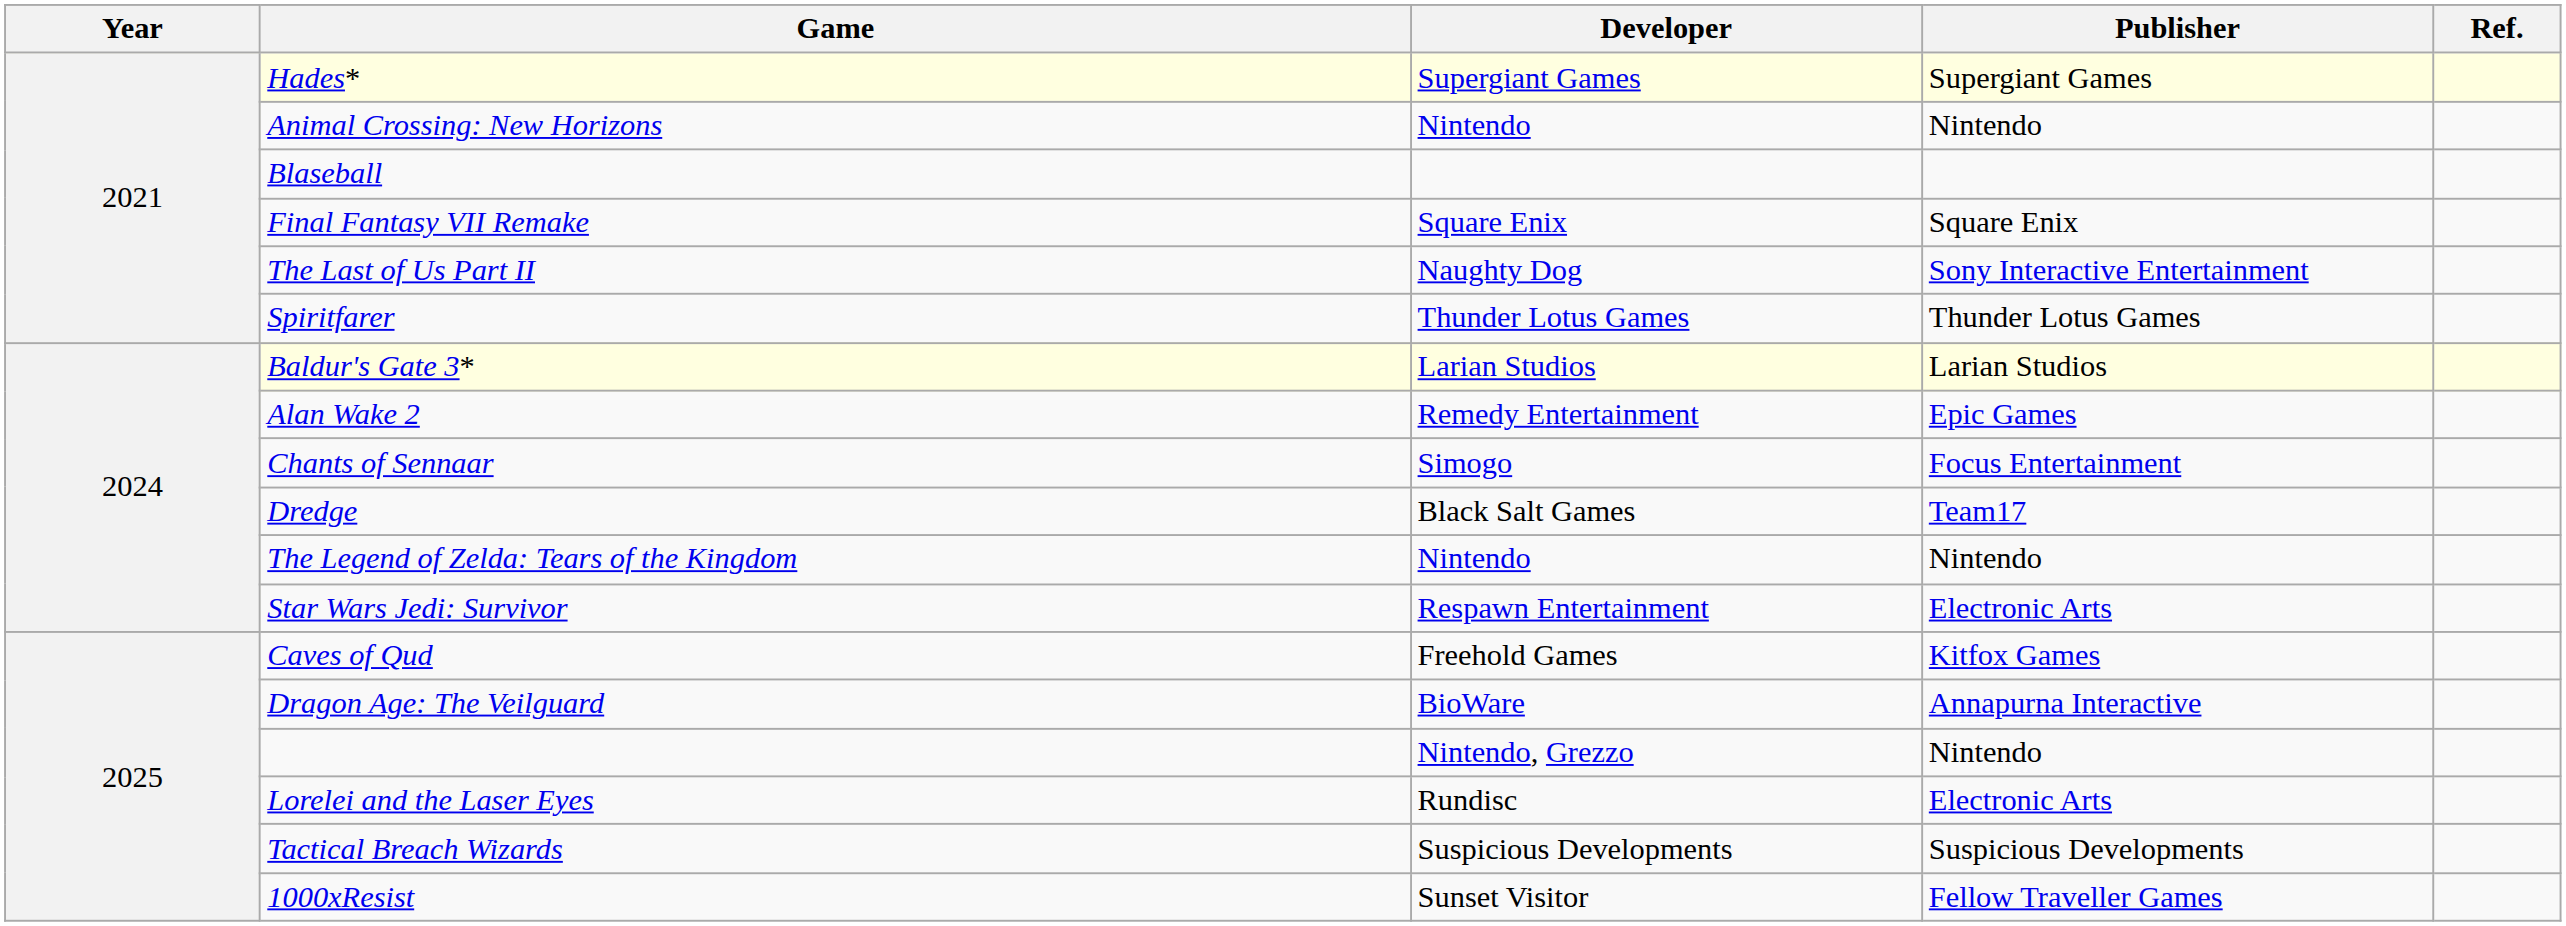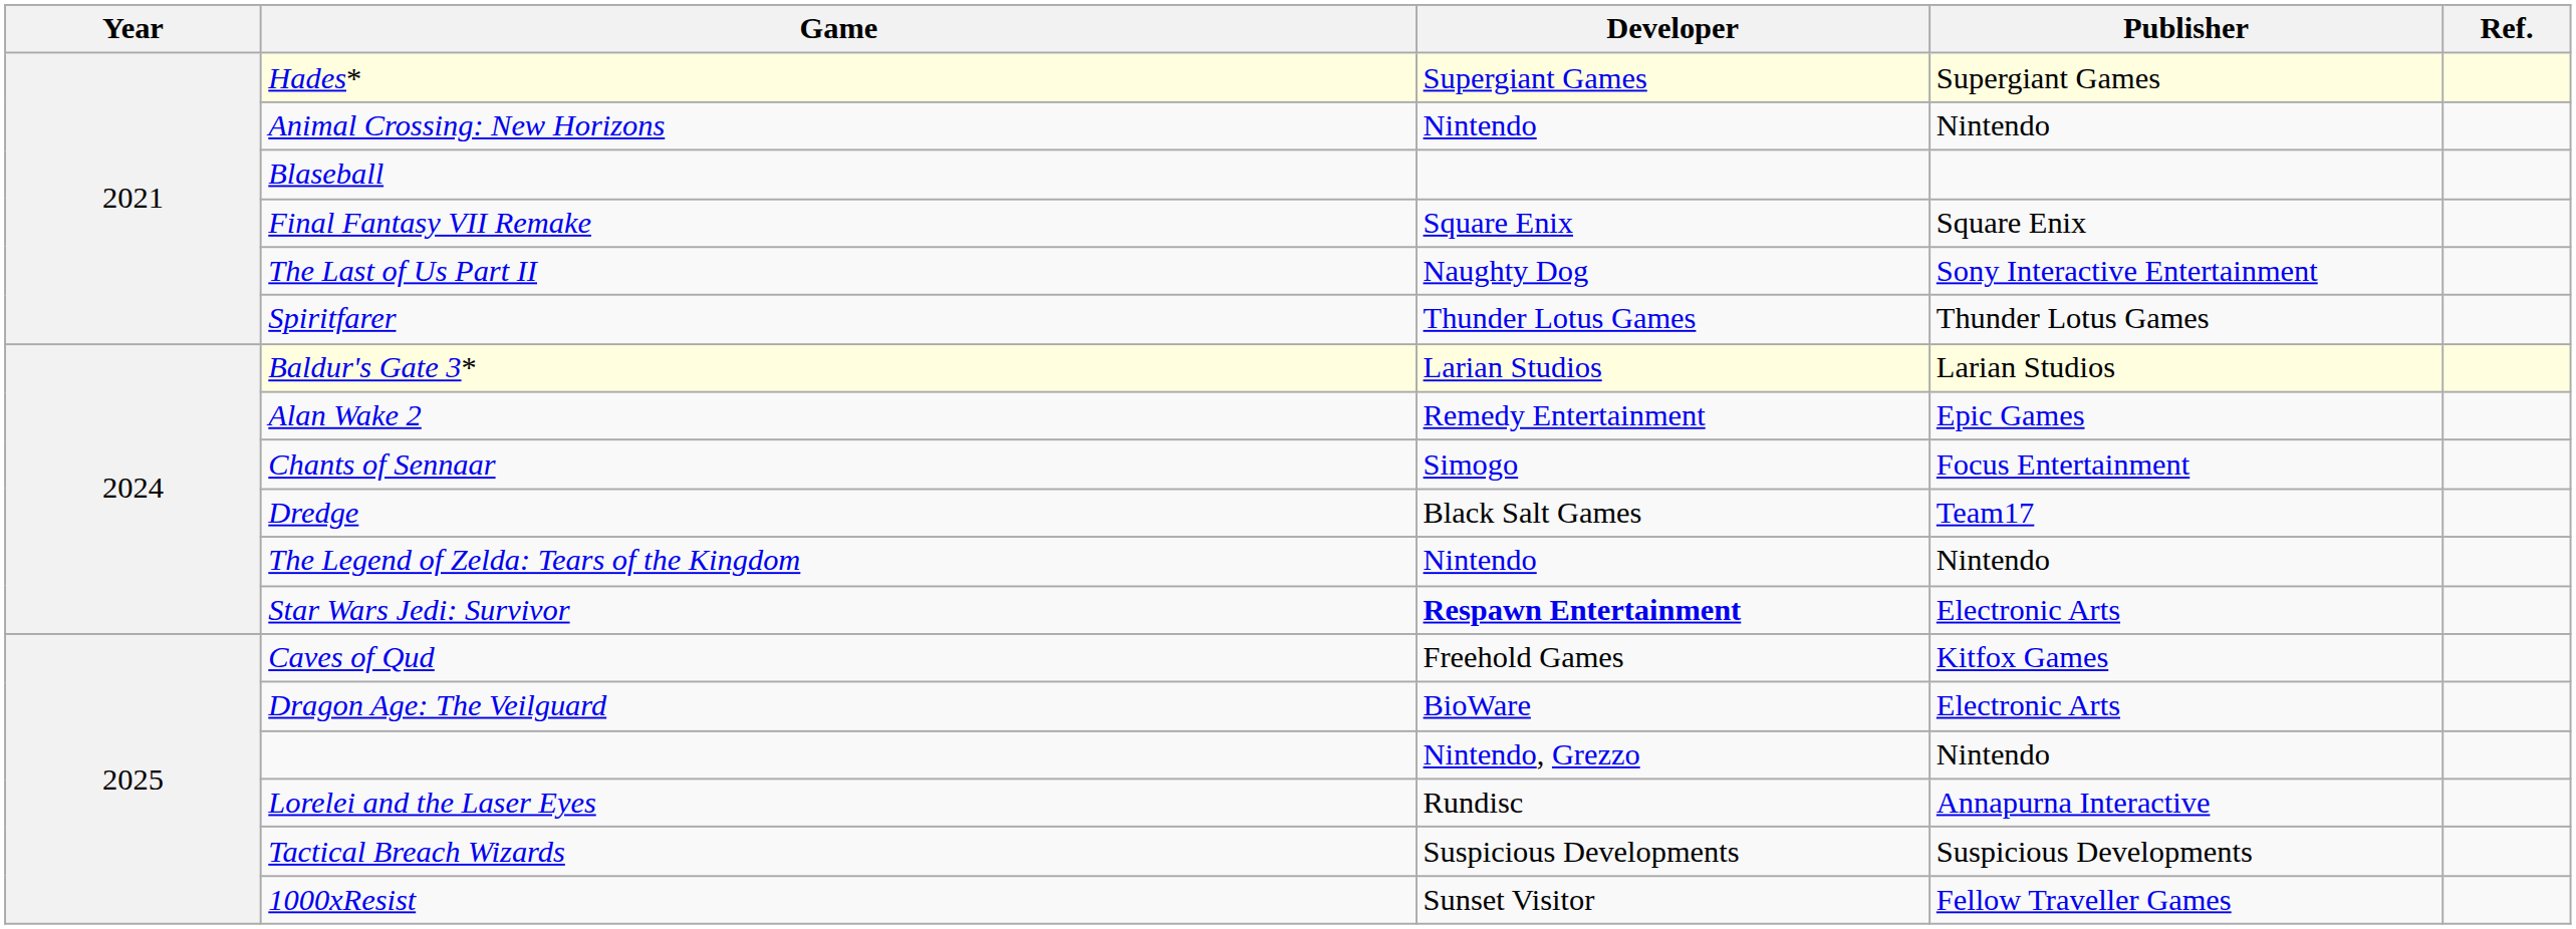 <table class="sortable wikitable" width="85%" cellpadding="5" style="margin: 1em auto 1em auto">
 <tr>
 <th width="10%" scope="col">Year</th>
 <th width="45%" scope="col">Game</th>
 <th width="20%" scope="col">Developer</th>
 <th width="20%" scope="col">Publisher</th>
 <th width="5%" scope="col" class="unsortable">Ref.</th>
 </tr>
 <tr style="background:lightyellow;">
 <th scope="rowgroup" align="center" rowspan="6" style="font-weight:normal;">2021</th>
 <td><em><a href='#'>Hades</a></em>*</td>
 <td><a href='#'>Supergiant Games</a></td>
 <td>Supergiant Games</td>
 <td align="center"></td>
 </tr>
 <tr>
 <td><em><a href='#'>Animal Crossing: New Horizons</a></em></td>
 <td><a href='#'>Nintendo</a></td>
 <td>Nintendo</td>
 <td align="center"></td>
 </tr>
 <tr>
 <td><em><a href='#'>Blaseball</a></em></td>
 <td></td>
 <td></td>
 <td align="center"></td>
 </tr>
 <tr>
 <td><em><a href='#'>Final Fantasy VII Remake</a></em></td>
 <td><a href='#'>Square Enix</a></td>
 <td>Square Enix</td>
 <td align="center"></td>
 </tr>
 <tr>
 <td><em><a href='#'>The Last of Us Part II</a></em></td>
 <td><a href='#'>Naughty Dog</a></td>
 <td><a href='#'>Sony Interactive Entertainment</a></td>
 <td align="center"></td>
 </tr>
 <tr>
 <td><em><a href='#'>Spiritfarer</a></em></td>
 <td><a href='#'>Thunder Lotus Games</a></td>
 <td>Thunder Lotus Games</td>
 <td align="center"></td>
 </tr>
 <tr style="background:lightyellow;">
 <th scope="rowgroup" align="center" rowspan="6" style="font-weight:normal;">2024</th>
 <td><em><a href='#'>Baldur's Gate 3</a></em>*</td>
 <td><a href='#'>Larian Studios</a></td>
 <td>Larian Studios</td>
 <td align="center"></td>
 </tr>
 <tr>
 <td><em><a href='#'>Alan Wake 2</a></em></td>
 <td><a href='#'>Remedy Entertainment</a></td>
 <td><a href='#'>Epic Games</a></td>
 <td align="center"></td>
 </tr>
 <tr>
 <td><em><a href='#'>Chants of Sennaar</a></em></td>
 <td><a href='#'>Simogo</a></td>
 <td><a href='#'>Focus Entertainment</a></td>
 <td align="center"></td>
 </tr>
 <tr>
 <td><em><a href='#'>Dredge</a></em></td>
 <td>Black Salt Games</td>
 <td><a href='#'>Team17</a></td>
 <td align="center"></td>
 </tr>
 <tr>
 <td><em><a href='#'>The Legend of Zelda: Tears of the Kingdom</a></em></td>
 <td><a href='#'>Nintendo</a></td>
 <td>Nintendo</td>
 <td align="center"></td>
 </tr>
 <tr>
 <td><em><a href='#'>Star Wars Jedi: Survivor</a></em></td>
-<td><a href='#'>Respawn Entertainment</a></td>
+<td><strong><a href='#'>Respawn Entertainment</a></strong></td>
 <td><a href='#'>Electronic Arts</a></td>
 <td align="center"></td>
 </tr>
 <tr>
 <th scope="rowgroup" align="center" rowspan="6" style="font-weight:normal;">2025</th>
 <td><em><a href='#'>Caves of Qud</a></em></td>
 <td>Freehold Games</td>
 <td><a href='#'>Kitfox Games</a></td>
 <td align="center"></td>
 </tr>
 <tr>
 <td><em><a href='#'>Dragon Age: The Veilguard</a></em></td>
 <td><a href='#'>BioWare</a></td>
-<td><a href='#'>Annapurna Interactive</a></td>
+<td><a href='#'>Electronic Arts</a></td>
 <td align="center"></td>
 </tr>
 <tr>
 <td></td>
 <td><a href='#'>Nintendo</a>, <a href='#'>Grezzo</a></td>
 <td>Nintendo</td>
 <td align="center"></td>
 </tr>
 <tr>
 <td><em><a href='#'>Lorelei and the Laser Eyes</a></em></td>
 <td>Rundisc</td>
-<td><a href='#'>Electronic Arts</a></td>
+<td><a href='#'>Annapurna Interactive</a></td>
 <td align="center"></td>
 </tr>
 <tr>
 <td><em><a href='#'>Tactical Breach Wizards</a></em></td>
 <td>Suspicious Developments</td>
 <td>Suspicious Developments</td>
 <td align="center"></td>
 </tr>
 <tr>
 <td><em><a href='#'>1000xResist</a></em></td>
 <td>Sunset Visitor</td>
 <td><a href='#'>Fellow Traveller Games</a></td>
 <td align="center"></td>
 </tr>
 </table>
